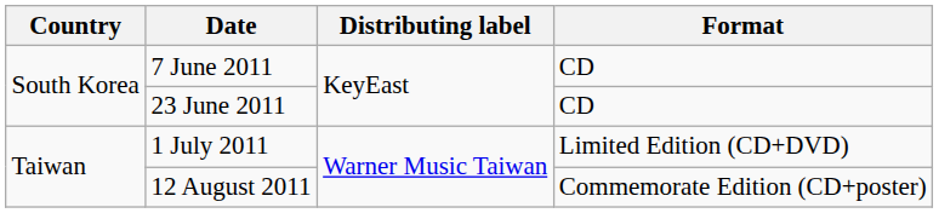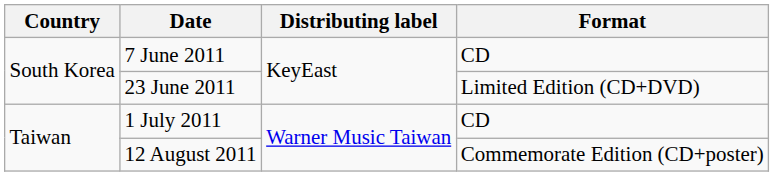 <table class="wikitable">
 <tr>
 <th>Country</th>
 <th>Date</th>
 <th>Distributing label</th>
 <th>Format</th>
 </tr>
 <tr>
 <td rowspan=2>South Korea</td>
 <td>7 June 2011</td>
 <td rowspan=2>KeyEast</td>
 <td>CD</td>
 </tr>
 <tr>
 <td>23 June 2011</td>
-<td>CD</td>
+<td>Limited Edition (CD+DVD)</td>
 </tr>
 <tr>
 <td rowspan=2>Taiwan</td>
 <td>1 July 2011</td>
 <td rowspan=2><a href='#'>Warner Music Taiwan</a></td>
-<td>Limited Edition (CD+DVD)</td>
+<td>CD</td>
 </tr>
 <tr>
 <td>12 August 2011</td>
 <td>Commemorate Edition (CD+poster)</td>
 </tr>
 </table>
